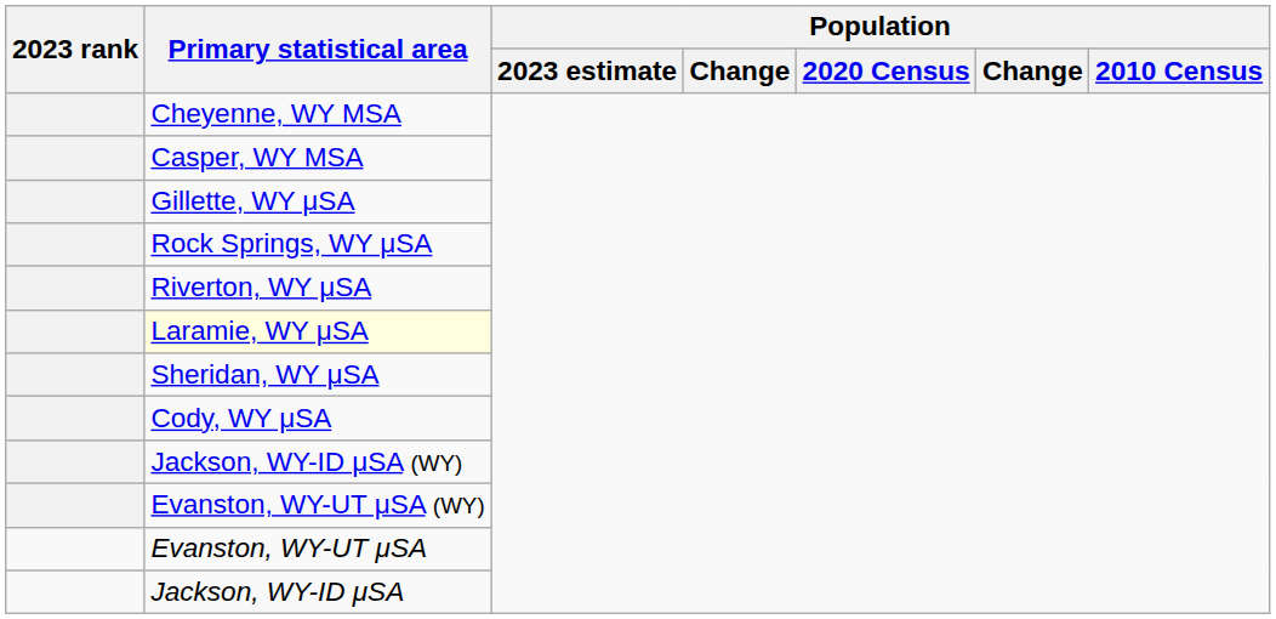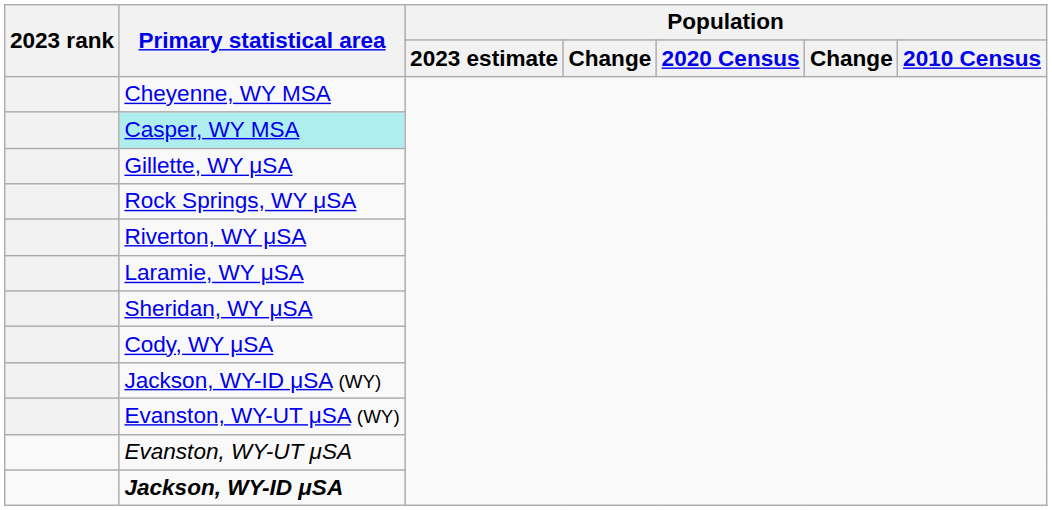 <table class="wikitable sortable">
 <tr>
 <th scope=col rowspan=2>2023 rank</th>
 <th scope=col rowspan=2><a href='#'>Primary statistical area</a></th>
 <th colspan=5>Population</th>
 </tr>
 <tr>
 <th scope=col>2023 estimate</th>
 <th scope=col>Change</th>
 <th scope=col><a href='#'>2020 Census</a></th>
 <th scope=col>Change</th>
 <th scope=col><a href='#'>2010 Census</a></th>
 </tr>
 <tr>
 <th scope=row></th>
 <td><a href='#'>Cheyenne, WY MSA</a><br></td>
 </tr>
 <tr>
 <th scope=row></th>
-<td><a href='#'>Casper, WY MSA</a><br></td>
+<td style="background: paleturquoise;"><a href='#'>Casper, WY MSA</a><br></td>
 </tr>
 <tr>
 <th scope=row></th>
 <td><a href='#'>Gillette, WY μSA</a><br></td>
 </tr>
 <tr>
 <th scope=row></th>
 <td><a href='#'>Rock Springs, WY μSA</a><br></td>
 </tr>
 <tr>
 <th scope=row></th>
 <td><a href='#'>Riverton, WY μSA</a><br></td>
 </tr>
 <tr>
 <th scope=row></th>
-<td style="background: lightyellow;"><a href='#'>Laramie, WY μSA</a><br></td>
+<td><a href='#'>Laramie, WY μSA</a><br></td>
 </tr>
 <tr>
 <th scope=row></th>
 <td><a href='#'>Sheridan, WY μSA</a><br></td>
 </tr>
 <tr>
 <th scope=row></th>
 <td><a href='#'>Cody, WY μSA</a><br></td>
 </tr>
 <tr>
 <th scope=row></th>
 <td><a href='#'>Jackson, WY-ID μSA</a> <small>(WY)</small><br></td>
 </tr>
 <tr>
 <th scope=row></th>
 <td><a href='#'>Evanston, WY-UT μSA</a> <small>(WY)</small><br></td>
 </tr>
 <tr>
 <td></td>
 <td><em><span>Evanston, WY-UT μSA</span></em><br></td>
 </tr>
 <tr>
 <td></td>
-<td><em><span>Jackson, WY-ID μSA</span></em><br></td>
+<td><strong><em><span>Jackson, WY-ID μSA</span></em><br></strong></td>
 </tr>
 </table>
